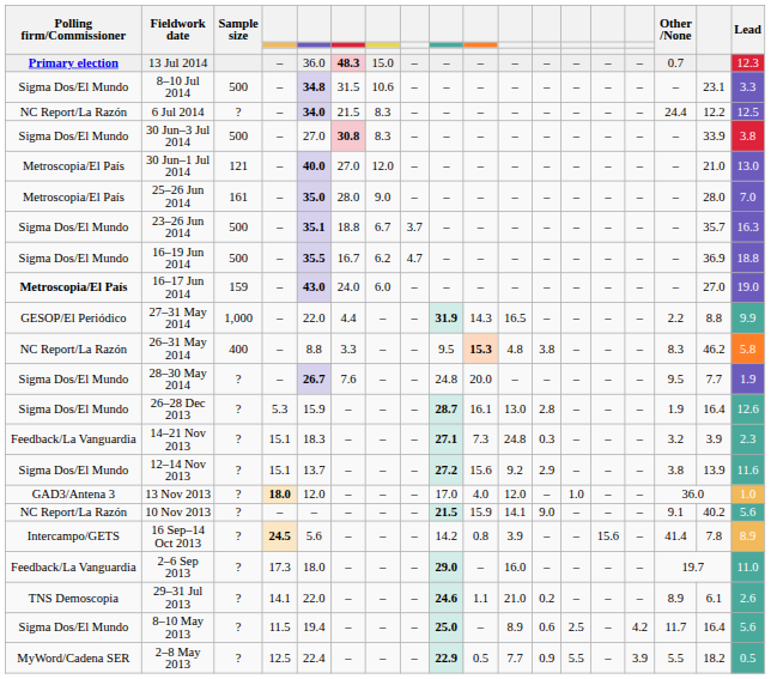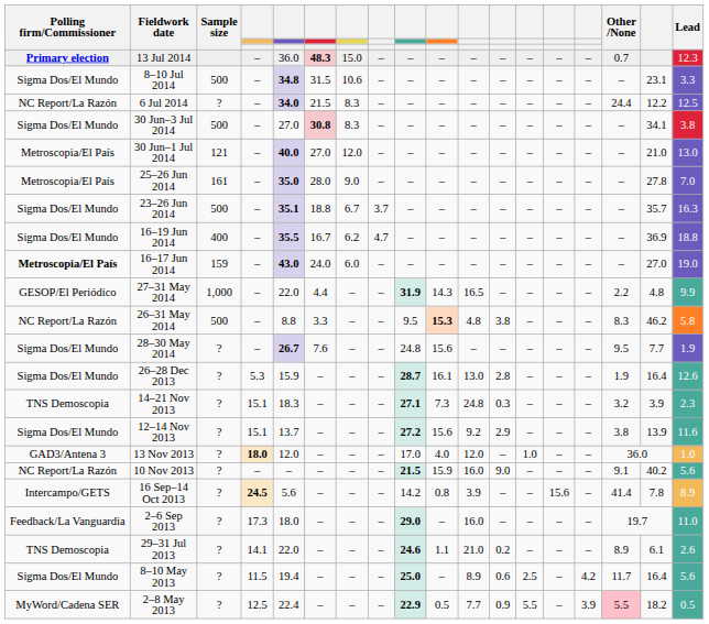 <table class="wikitable collapsible collapsed" style="text-align:center; font-size:90%; line-height:14px;">
 <tr style="height:42px;">
 <th style="width:260px;" rowspan="3">Polling firm/Commissioner</th>
 <th style="width:125px;" rowspan="3">Fieldwork date</th>
 <th style="width:60px;" rowspan="3">Sample size</th>
 <th style="width:60px;"></th>
 <th style="width:60px;"></th>
 <th style="width:60px;"></th>
 <th style="width:60px;"></th>
 <th style="width:60px;"></th>
 <th style="width:60px;"></th>
 <th style="width:60px;"></th>
 <th style="width:60px;"></th>
 <th style="width:60px;"></th>
 <th style="width:60px;"></th>
 <th style="width:60px;"></th>
 <th style="width:60px;"></th>
 <th style="width:60px;" rowspan="3">Other<br>/None</th>
 <th style="width:60px;" rowspan="3"></th>
 <th style="width:30px;" rowspan="3">Lead</th>
 </tr>
 <tr>
 <th style="color:inherit;background:#F2B95B;"></th>
 <th style="color:inherit;background:#6C5BBD;"></th>
 <th style="color:inherit;background:#DD2239;"></th>
 <th style="color:inherit;background:#E6D753;"></th>
 <th style="color:inherit;background:"></th>
 <th style="color:inherit;background:#49A99B;"></th>
 <th style="color:inherit;background:#FF7F27;"></th>
 <th style="color:inherit;background:"></th>
 <th style="color:inherit;background:"></th>
 <th style="color:inherit;background:"></th>
 <th style="color:inherit;background:"></th>
 <th style="color:inherit;background:"></th>
 </tr>
 <tr>
 <th></th>
 <th></th>
 <th></th>
 <th></th>
 <th></th>
 <th></th>
 <th></th>
 <th></th>
 <th></th>
 <th></th>
 <th></th>
 <th></th>
 </tr>
 <tr style="color:inherit;background:#EFEFEF;">
 <td><strong><a href='#'>Primary election</a></strong></td>
 <td>13 Jul 2014</td>
 <td></td>
 <td>–</td>
 <td>36.0</td>
 <td style="color:inherit;background:#F7C8CE;"><strong>48.3</strong></td>
 <td>15.0</td>
 <td>–</td>
 <td>–</td>
 <td>–</td>
 <td>–</td>
 <td>–</td>
 <td>–</td>
 <td>–</td>
 <td>–</td>
 <td>0.7</td>
 <td></td>
 <td style="color:inherit;background:#DD2239; color:white;">12.3</td>
 </tr>
 <tr>
 <td>Sigma Dos/El Mundo</td>
 <td>8–10 Jul 2014</td>
 <td>500</td>
 <td>–</td>
 <td style="color:inherit;background:#D7D1ED;"><strong>34.8</strong></td>
 <td>31.5</td>
 <td>10.6</td>
 <td>–</td>
 <td>–</td>
 <td>–</td>
 <td>–</td>
 <td>–</td>
 <td>–</td>
 <td>–</td>
 <td>–</td>
 <td>–</td>
 <td>23.1</td>
 <td style="color:inherit;background:#6C5BBD; color:white;">3.3</td>
 </tr>
 <tr>
 <td>NC Report/La Razón</td>
 <td>6 Jul 2014</td>
 <td>?</td>
 <td>–</td>
 <td style="color:inherit;background:#D7D1ED;"><strong>34.0</strong></td>
 <td>21.5</td>
 <td>8.3</td>
 <td>–</td>
 <td>–</td>
 <td>–</td>
 <td>–</td>
 <td>–</td>
 <td>–</td>
 <td>–</td>
 <td>–</td>
 <td>24.4</td>
 <td>12.2</td>
 <td style="color:inherit;background:#6C5BBD; color:white;">12.5</td>
 </tr>
 <tr>
 <td>Sigma Dos/El Mundo</td>
 <td>30 Jun–3 Jul 2014</td>
 <td>500</td>
 <td>–</td>
 <td>27.0</td>
 <td style="color:inherit;background:#F7C8CE;"><strong>30.8</strong></td>
 <td>8.3</td>
 <td>–</td>
 <td>–</td>
 <td>–</td>
 <td>–</td>
 <td>–</td>
 <td>–</td>
 <td>–</td>
 <td>–</td>
 <td>–</td>
-<td>33.9</td>
+<td>34.1</td>
 <td style="color:inherit;background:#DD2239; color:white;">3.8</td>
 </tr>
 <tr>
 <td>Metroscopia/El País</td>
 <td>30 Jun–1 Jul 2014</td>
 <td>121</td>
 <td>–</td>
 <td style="color:inherit;background:#D7D1ED;"><strong>40.0</strong></td>
 <td>27.0</td>
 <td>12.0</td>
 <td>–</td>
 <td>–</td>
 <td>–</td>
 <td>–</td>
 <td>–</td>
 <td>–</td>
 <td>–</td>
 <td>–</td>
 <td>–</td>
 <td>21.0</td>
 <td style="color:inherit;background:#6C5BBD; color:white;">13.0</td>
 </tr>
 <tr>
 <td>Metroscopia/El País</td>
 <td>25–26 Jun 2014</td>
 <td>161</td>
 <td>–</td>
 <td style="color:inherit;background:#D7D1ED;"><strong>35.0</strong></td>
 <td>28.0</td>
 <td>9.0</td>
 <td>–</td>
 <td>–</td>
 <td>–</td>
 <td>–</td>
 <td>–</td>
 <td>–</td>
 <td>–</td>
 <td>–</td>
 <td>–</td>
-<td>28.0</td>
+<td>27.8</td>
 <td style="color:inherit;background:#6C5BBD; color:white;">7.0</td>
 </tr>
 <tr>
 <td>Sigma Dos/El Mundo</td>
 <td>23–26 Jun 2014</td>
 <td>500</td>
 <td>–</td>
 <td style="color:inherit;background:#D7D1ED;"><strong>35.1</strong></td>
 <td>18.8</td>
 <td>6.7</td>
 <td>3.7</td>
 <td>–</td>
 <td>–</td>
 <td>–</td>
 <td>–</td>
 <td>–</td>
 <td>–</td>
 <td>–</td>
 <td>–</td>
 <td>35.7</td>
 <td style="color:inherit;background:#6C5BBD; color:white;">16.3</td>
 </tr>
 <tr>
 <td>Sigma Dos/El Mundo</td>
 <td>16–19 Jun 2014</td>
-<td>500</td>
+<td>400</td>
 <td>–</td>
 <td style="color:inherit;background:#D7D1ED;"><strong>35.5</strong></td>
 <td>16.7</td>
 <td>6.2</td>
 <td>4.7</td>
 <td>–</td>
 <td>–</td>
 <td>–</td>
 <td>–</td>
 <td>–</td>
 <td>–</td>
 <td>–</td>
 <td>–</td>
 <td>36.9</td>
 <td style="color:inherit;background:#6C5BBD; color:white;">18.8</td>
 </tr>
 <tr>
 <td><strong>Metroscopia/El País</strong></td>
 <td>16–17 Jun 2014</td>
 <td>159</td>
 <td>–</td>
 <td style="color:inherit;background:#D7D1ED;"><strong>43.0</strong></td>
 <td>24.0</td>
 <td>6.0</td>
 <td>–</td>
 <td>–</td>
 <td>–</td>
 <td>–</td>
 <td>–</td>
 <td>–</td>
 <td>–</td>
 <td>–</td>
 <td>–</td>
 <td>27.0</td>
 <td style="color:inherit;background:#6C5BBD; color:white;">19.0</td>
 </tr>
 <tr>
 <td>GESOP/El Periódico</td>
 <td>27–31 May 2014</td>
 <td>1,000</td>
 <td>–</td>
 <td>22.0</td>
 <td>4.4</td>
 <td>–</td>
 <td>–</td>
 <td style="color:inherit;background:#D2ECE8;"><strong>31.9</strong></td>
 <td>14.3</td>
 <td>16.5</td>
 <td>–</td>
 <td>–</td>
 <td>–</td>
 <td>–</td>
 <td>2.2</td>
-<td>8.8</td>
+<td>4.8</td>
 <td style="color:inherit;background:#49A99B; color:white;">9.9</td>
 </tr>
 <tr>
 <td>NC Report/La Razón</td>
 <td>26–31 May 2014</td>
-<td>400</td>
+<td>500</td>
 <td>–</td>
 <td>8.8</td>
 <td>3.3</td>
 <td>–</td>
 <td>–</td>
 <td>9.5</td>
 <td style="color:inherit;background:#FFD9BF;"><strong>15.3</strong></td>
 <td>4.8</td>
 <td>3.8</td>
 <td>–</td>
 <td>–</td>
 <td>–</td>
 <td>8.3</td>
 <td>46.2</td>
 <td style="color:inherit;background:#FF7F27; color:white;">5.8</td>
 </tr>
 <tr>
 <td>Sigma Dos/El Mundo</td>
 <td>28–30 May 2014</td>
 <td>?</td>
 <td>–</td>
 <td style="color:inherit;background:#D7D1ED;"><strong>26.7</strong></td>
 <td>7.6</td>
 <td>–</td>
 <td>–</td>
 <td>24.8</td>
-<td>20.0</td>
+<td>15.6</td>
 <td>–</td>
 <td>–</td>
 <td>–</td>
 <td>–</td>
 <td>–</td>
 <td>9.5</td>
 <td>7.7</td>
 <td style="color:inherit;background:#6C5BBD; color:white;">1.9</td>
 </tr>
 <tr>
 <td>Sigma Dos/El Mundo</td>
 <td>26–28 Dec 2013</td>
 <td>?</td>
 <td>5.3</td>
 <td>15.9</td>
 <td>–</td>
 <td>–</td>
 <td>–</td>
 <td style="color:inherit;background:#D2ECE8;"><strong>28.7</strong></td>
 <td>16.1</td>
 <td>13.0</td>
 <td>2.8</td>
 <td>–</td>
 <td>–</td>
 <td>–</td>
 <td>1.9</td>
 <td>16.4</td>
 <td style="color:inherit;background:#49A99B; color:white;">12.6</td>
 </tr>
 <tr>
-<td>Feedback/La Vanguardia</td>
+<td>TNS Demoscopia</td>
 <td>14–21 Nov 2013</td>
 <td>?</td>
 <td>15.1</td>
 <td>18.3</td>
 <td>–</td>
 <td>–</td>
 <td>–</td>
 <td style="color:inherit;background:#D2ECE8;"><strong>27.1</strong></td>
 <td>7.3</td>
 <td>24.8</td>
 <td>0.3</td>
 <td>–</td>
 <td>–</td>
 <td>–</td>
 <td>3.2</td>
 <td>3.9</td>
 <td style="color:inherit;background:#49A99B; color:white;">2.3</td>
 </tr>
 <tr>
 <td>Sigma Dos/El Mundo</td>
 <td>12–14 Nov 2013</td>
 <td>?</td>
 <td>15.1</td>
 <td>13.7</td>
 <td>–</td>
 <td>–</td>
 <td>–</td>
 <td style="color:inherit;background:#D2ECE8;"><strong>27.2</strong></td>
 <td>15.6</td>
 <td>9.2</td>
 <td>2.9</td>
 <td>–</td>
 <td>–</td>
 <td>–</td>
 <td>3.8</td>
 <td>13.9</td>
 <td style="color:inherit;background:#49A99B; color:white;">11.6</td>
 </tr>
 <tr>
 <td>GAD3/Antena 3</td>
 <td>13 Nov 2013</td>
 <td>?</td>
 <td style="color:inherit;background:#FBE7C4;"><strong>18.0</strong></td>
 <td>12.0</td>
 <td>–</td>
 <td>–</td>
 <td>–</td>
 <td>17.0</td>
 <td>4.0</td>
 <td>12.0</td>
 <td>–</td>
 <td>1.0</td>
 <td>–</td>
 <td>–</td>
 <td colspan="2">36.0</td>
 <td style="color:inherit;background:#F2B95B; color:white;">1.0</td>
 </tr>
 <tr>
 <td>NC Report/La Razón</td>
 <td>10 Nov 2013</td>
 <td>?</td>
 <td>–</td>
 <td>–</td>
 <td>–</td>
 <td>–</td>
 <td>–</td>
 <td style="color:inherit;background:#D2ECE8;"><strong>21.5</strong></td>
 <td>15.9</td>
-<td>14.1</td>
+<td>16.0</td>
 <td>9.0</td>
 <td>–</td>
 <td>–</td>
 <td>–</td>
 <td>9.1</td>
 <td>40.2</td>
 <td style="color:inherit;background:#49A99B; color:white;">5.6</td>
 </tr>
 <tr>
 <td>Intercampo/GETS</td>
 <td>16 Sep–14 Oct 2013</td>
 <td>?</td>
 <td style="color:inherit;background:#FBE7C4;"><strong>24.5</strong></td>
 <td>5.6</td>
 <td>–</td>
 <td>–</td>
 <td>–</td>
 <td>14.2</td>
 <td>0.8</td>
 <td>3.9</td>
 <td>–</td>
 <td>–</td>
 <td>15.6</td>
 <td>–</td>
 <td>41.4</td>
 <td>7.8</td>
 <td style="color:inherit;background:#F2B95B; color:white;">8.9</td>
 </tr>
 <tr>
 <td>Feedback/La Vanguardia</td>
 <td>2–6 Sep 2013</td>
 <td>?</td>
 <td>17.3</td>
 <td>18.0</td>
 <td>–</td>
 <td>–</td>
 <td>–</td>
 <td style="color:inherit;background:#D2ECE8;"><strong>29.0</strong></td>
 <td>–</td>
 <td>16.0</td>
 <td>–</td>
 <td>–</td>
 <td>–</td>
 <td>–</td>
 <td colspan="2">19.7</td>
 <td style="color:inherit;background:#49A99B; color:white;">11.0</td>
 </tr>
 <tr>
 <td>TNS Demoscopia</td>
 <td>29–31 Jul 2013</td>
 <td>?</td>
 <td>14.1</td>
 <td>22.0</td>
 <td>–</td>
 <td>–</td>
 <td>–</td>
 <td style="color:inherit;background:#D2ECE8;"><strong>24.6</strong></td>
 <td>1.1</td>
 <td>21.0</td>
 <td>0.2</td>
 <td>–</td>
 <td>–</td>
 <td>–</td>
 <td>8.9</td>
 <td>6.1</td>
 <td style="color:inherit;background:#49A99B; color:white;">2.6</td>
 </tr>
 <tr>
 <td>Sigma Dos/El Mundo</td>
 <td>8–10 May 2013</td>
 <td>?</td>
 <td>11.5</td>
 <td>19.4</td>
 <td>–</td>
 <td>–</td>
 <td>–</td>
 <td style="color:inherit;background:#D2ECE8;"><strong>25.0</strong></td>
 <td>–</td>
 <td>8.9</td>
 <td>0.6</td>
 <td>2.5</td>
 <td>–</td>
 <td>4.2</td>
 <td>11.7</td>
 <td>16.4</td>
 <td style="color:inherit;background:#49A99B; color:white;">5.6</td>
 </tr>
 <tr>
 <td>MyWord/Cadena SER</td>
 <td>2–8 May 2013</td>
 <td>?</td>
 <td>12.5</td>
 <td>22.4</td>
 <td>–</td>
 <td>–</td>
 <td>–</td>
 <td style="color:inherit;background:#D2ECE8;"><strong>22.9</strong></td>
 <td>0.5</td>
 <td>7.7</td>
 <td>0.9</td>
 <td>5.5</td>
 <td>–</td>
 <td>3.9</td>
-<td>5.5</td>
+<td style="background: pink;">5.5</td>
 <td>18.2</td>
 <td style="color:inherit;background:#49A99B; color:white;">0.5</td>
 </tr>
 </table>
